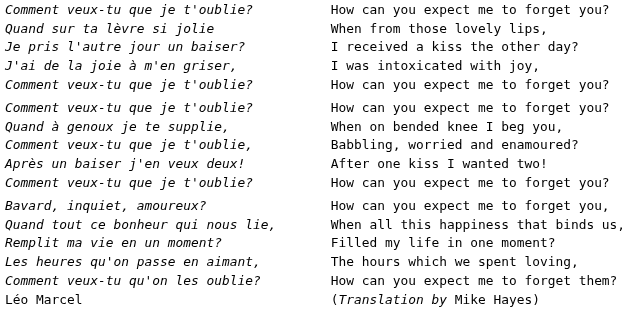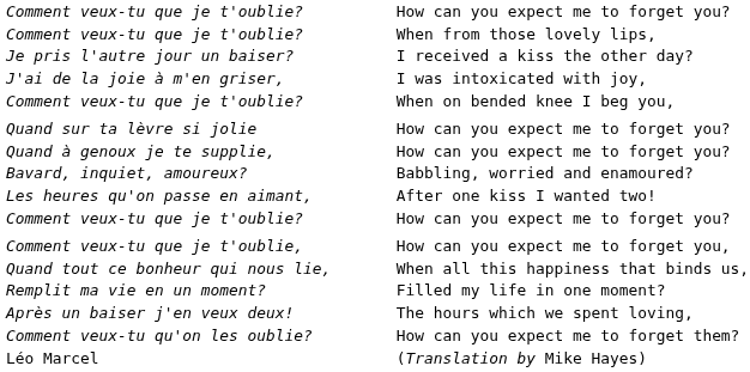 <table>
 <tr>
 <th width="325"></th>
 <th width="325"></th>
 </tr>
 <tr>
 <td><em>Comment veux-tu que je t'oublie?</em></td>
 <td>How can you expect me to forget you?</td>
 </tr>
 <tr>
-<td><em>Quand sur ta lèvre si jolie</em></td>
+<td><em>Comment veux-tu que je t'oublie?</em></td>
 <td>When from those lovely lips,</td>
 </tr>
 <tr>
 <td><em>Je pris l'autre jour un baiser?</em></td>
 <td>I received a kiss the other day?</td>
 </tr>
 <tr>
 <td><em>J'ai de la joie à m'en griser,</em></td>
 <td>I was intoxicated with joy,</td>
 </tr>
 <tr>
 <td><em>Comment veux-tu que je t'oublie?</em></td>
-<td>How can you expect me to forget you?</td>
+<td>When on bended knee I beg you,</td>
 </tr>
 <tr>
 <td></td>
 </tr>
 <tr>
-<td><em>Comment veux-tu que je t'oublie?</em></td>
+<td><em>Quand sur ta lèvre si jolie</em></td>
 <td>How can you expect me to forget you?</td>
 </tr>
 <tr>
 <td><em>Quand à genoux je te supplie,</em></td>
-<td>When on bended knee I beg you,</td>
+<td>How can you expect me to forget you?</td>
 </tr>
 <tr>
-<td><em>Comment veux-tu que je t'oublie,</em></td>
+<td><em>Bavard, inquiet, amoureux?</em></td>
 <td>Babbling, worried and enamoured?</td>
 </tr>
 <tr>
-<td><em>Après un baiser j'en veux deux!</em></td>
+<td><em>Les heures qu'on passe en aimant,</em></td>
 <td>After one kiss I wanted two!</td>
 </tr>
 <tr>
 <td><em>Comment veux-tu que je t'oublie?</em></td>
 <td>How can you expect me to forget you?</td>
 </tr>
 <tr>
 <td></td>
 </tr>
 <tr>
-<td><em>Bavard, inquiet, amoureux?</em></td>
+<td><em>Comment veux-tu que je t'oublie,</em></td>
 <td>How can you expect me to forget you,</td>
 </tr>
 <tr>
 <td><em>Quand tout ce bonheur qui nous lie,</em></td>
 <td>When all this happiness that binds us,</td>
 </tr>
 <tr>
 <td><em>Remplit ma vie en un moment?</em></td>
 <td>Filled my life in one moment?</td>
 </tr>
 <tr>
-<td><em>Les heures qu'on passe en aimant,</em></td>
+<td><em>Après un baiser j'en veux deux!</em></td>
 <td>The hours which we spent loving,</td>
 </tr>
 <tr>
 <td><em>Comment veux-tu qu'on les oublie?</em></td>
 <td>How can you expect me to forget them?</td>
 </tr>
 <tr>
 <td>Léo Marcel</td>
 <td>(<em>Translation by</em> Mike Hayes)</td>
 </tr>
 </table>
